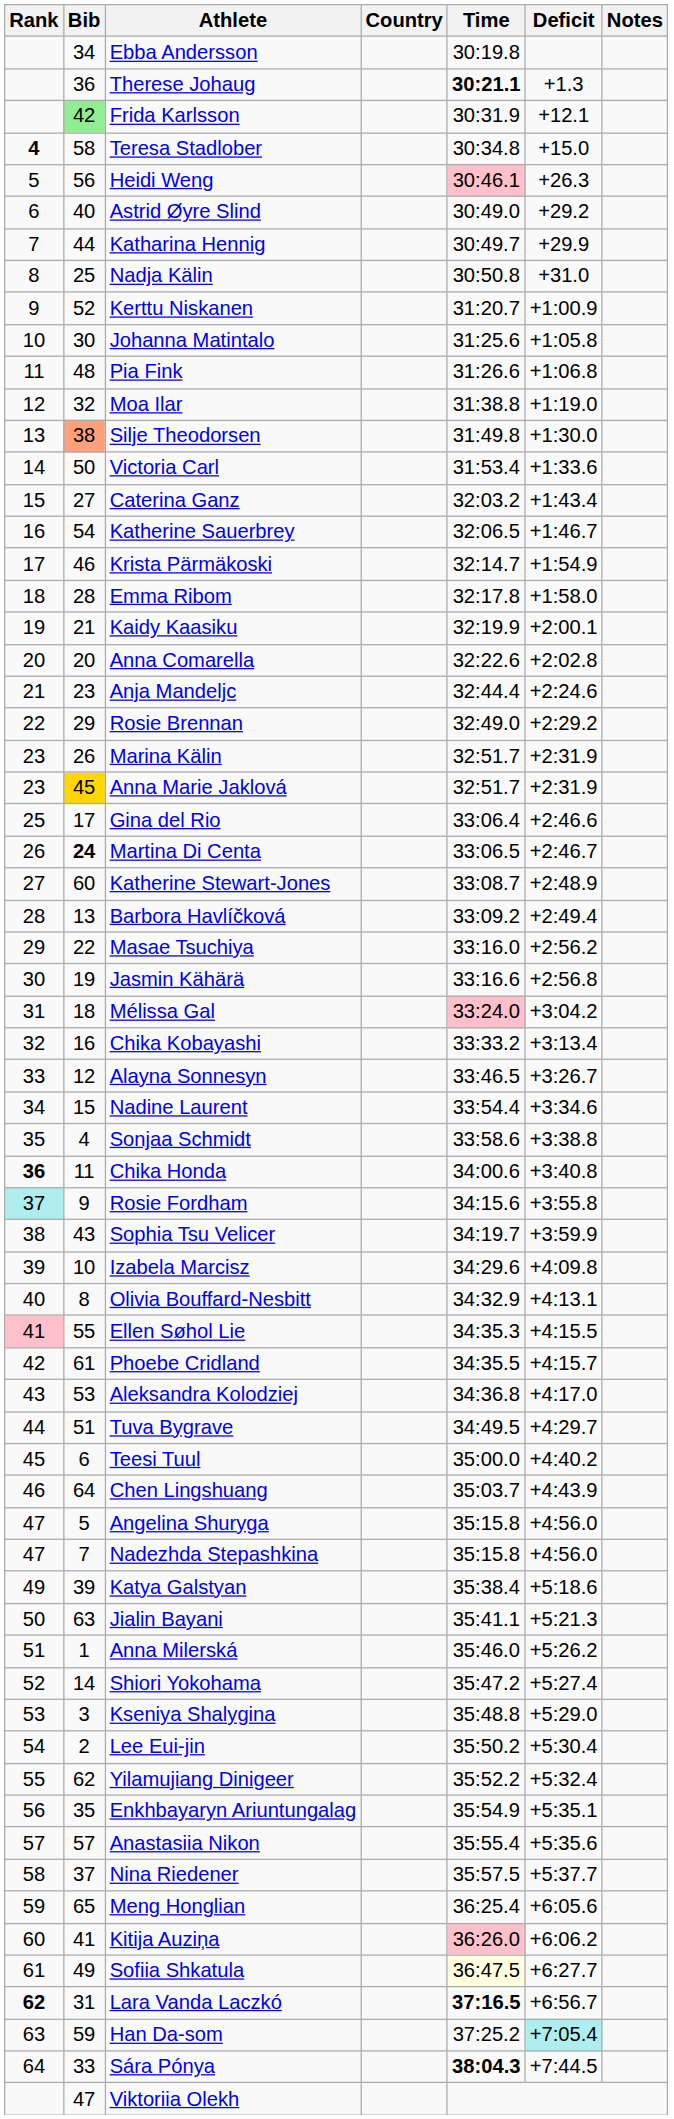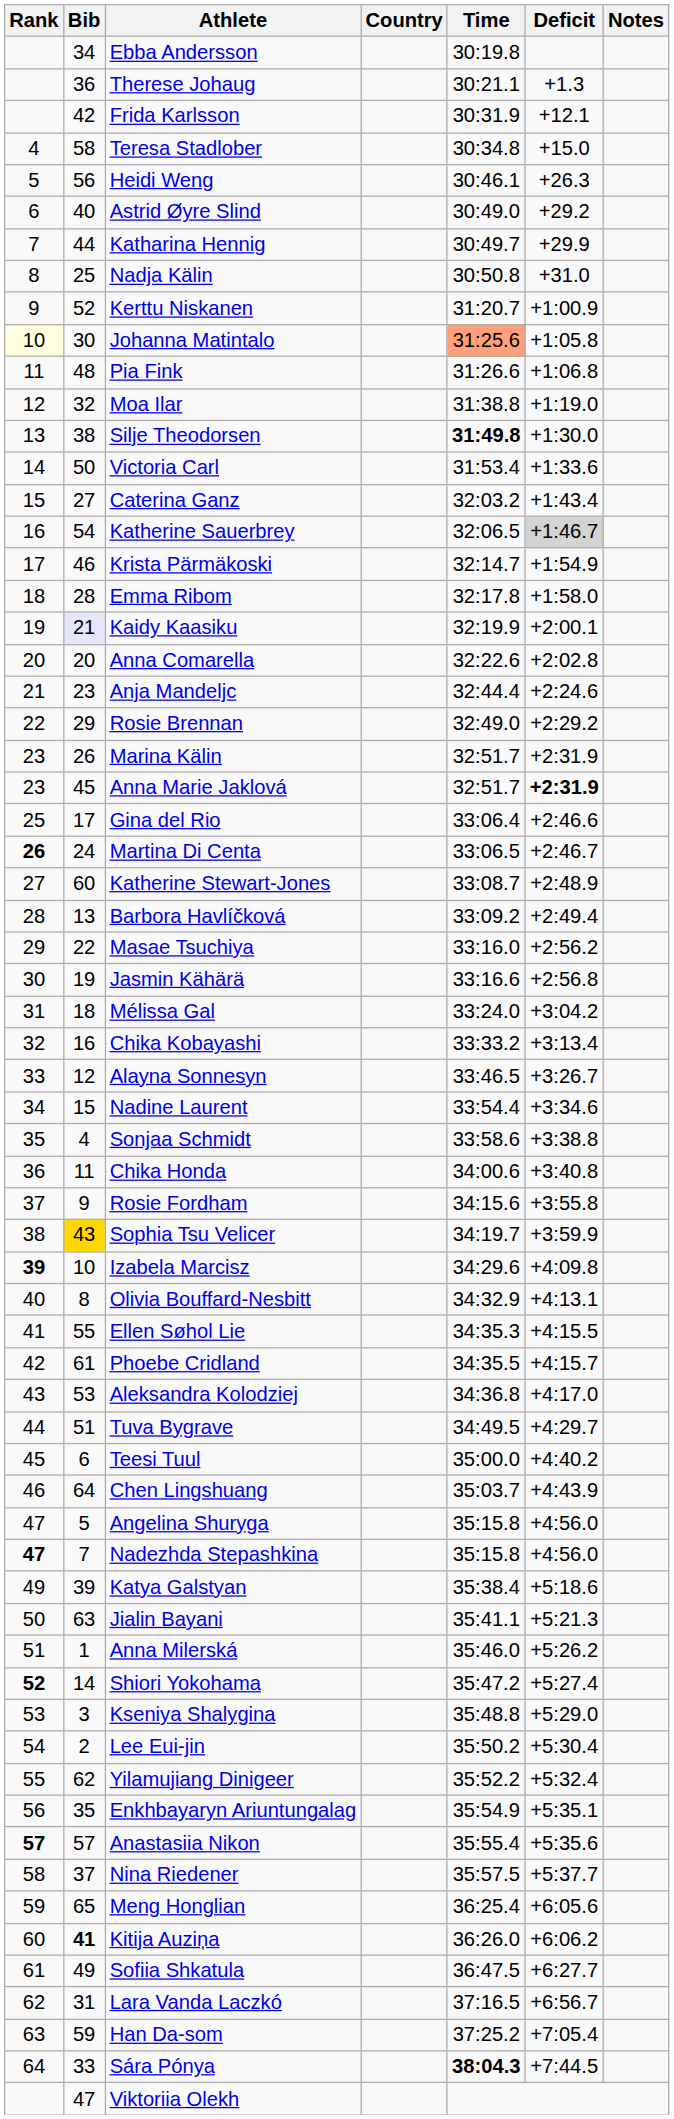 <table class="wikitable sortable" style="text-align:center">
 <tr>
 <th>Rank</th>
 <th>Bib</th>
 <th>Athlete</th>
 <th>Country</th>
 <th>Time</th>
 <th>Deficit</th>
 <th>Notes</th>
 </tr>
 <tr>
 <td></td>
 <td>34</td>
 <td align=left><a href='#'>Ebba Andersson</a></td>
 <td align=left></td>
 <td>30:19.8</td>
 <td></td>
 <td></td>
 </tr>
 <tr>
 <td></td>
 <td>36</td>
 <td align=left><a href='#'>Therese Johaug</a></td>
 <td align=left></td>
-<td><strong>30:21.1</strong></td>
+<td>30:21.1</td>
 <td>+1.3</td>
 <td></td>
 </tr>
 <tr>
 <td></td>
-<td style="background: lightgreen;">42</td>
+<td>42</td>
 <td align=left><a href='#'>Frida Karlsson</a></td>
 <td align=left></td>
 <td>30:31.9</td>
 <td>+12.1</td>
 <td></td>
 </tr>
 <tr>
-<td><strong>4</strong></td>
+<td>4</td>
 <td>58</td>
 <td align=left><a href='#'>Teresa Stadlober</a></td>
 <td align=left></td>
 <td>30:34.8</td>
 <td>+15.0</td>
 <td></td>
 </tr>
 <tr>
 <td>5</td>
 <td>56</td>
 <td align=left><a href='#'>Heidi Weng</a></td>
 <td align=left></td>
-<td style="background: pink;">30:46.1</td>
+<td>30:46.1</td>
 <td>+26.3</td>
 <td></td>
 </tr>
 <tr>
 <td>6</td>
 <td>40</td>
 <td align=left><a href='#'>Astrid Øyre Slind</a></td>
 <td align=left></td>
 <td>30:49.0</td>
 <td>+29.2</td>
 <td></td>
 </tr>
 <tr>
 <td>7</td>
 <td>44</td>
 <td align=left><a href='#'>Katharina Hennig</a></td>
 <td align=left></td>
 <td>30:49.7</td>
 <td>+29.9</td>
 <td></td>
 </tr>
 <tr>
 <td>8</td>
 <td>25</td>
 <td align=left><a href='#'>Nadja Kälin</a></td>
 <td align=left></td>
 <td>30:50.8</td>
 <td>+31.0</td>
 <td></td>
 </tr>
 <tr>
 <td>9</td>
 <td>52</td>
 <td align=left><a href='#'>Kerttu Niskanen</a></td>
 <td align=left></td>
 <td>31:20.7</td>
 <td>+1:00.9</td>
 <td></td>
 </tr>
 <tr>
-<td>10</td>
+<td style="background: lightyellow;">10</td>
 <td>30</td>
 <td align=left><a href='#'>Johanna Matintalo</a></td>
 <td align=left></td>
-<td>31:25.6</td>
+<td style="background: lightsalmon;">31:25.6</td>
 <td>+1:05.8</td>
 <td></td>
 </tr>
 <tr>
 <td>11</td>
 <td>48</td>
 <td align=left><a href='#'>Pia Fink</a></td>
 <td align=left></td>
 <td>31:26.6</td>
 <td>+1:06.8</td>
 <td></td>
 </tr>
 <tr>
 <td>12</td>
 <td>32</td>
 <td align=left><a href='#'>Moa Ilar</a></td>
 <td align=left></td>
 <td>31:38.8</td>
 <td>+1:19.0</td>
 <td></td>
 </tr>
 <tr>
 <td>13</td>
-<td style="background: lightsalmon;">38</td>
+<td>38</td>
 <td align=left><a href='#'>Silje Theodorsen</a></td>
 <td align=left></td>
-<td>31:49.8</td>
+<td><strong>31:49.8</strong></td>
 <td>+1:30.0</td>
 <td></td>
 </tr>
 <tr>
 <td>14</td>
 <td>50</td>
 <td align=left><a href='#'>Victoria Carl</a></td>
 <td align=left></td>
 <td>31:53.4</td>
 <td>+1:33.6</td>
 <td></td>
 </tr>
 <tr>
 <td>15</td>
 <td>27</td>
 <td align=left><a href='#'>Caterina Ganz</a></td>
 <td align=left></td>
 <td>32:03.2</td>
 <td>+1:43.4</td>
 <td></td>
 </tr>
 <tr>
 <td>16</td>
 <td>54</td>
 <td align=left><a href='#'>Katherine Sauerbrey</a></td>
 <td align=left></td>
 <td>32:06.5</td>
-<td>+1:46.7</td>
+<td style="background: lightgrey;">+1:46.7</td>
 <td></td>
 </tr>
 <tr>
 <td>17</td>
 <td>46</td>
 <td align=left><a href='#'>Krista Pärmäkoski</a></td>
 <td align=left></td>
 <td>32:14.7</td>
 <td>+1:54.9</td>
 <td></td>
 </tr>
 <tr>
 <td>18</td>
 <td>28</td>
 <td align=left><a href='#'>Emma Ribom</a></td>
 <td align=left></td>
 <td>32:17.8</td>
 <td>+1:58.0</td>
 <td></td>
 </tr>
 <tr>
 <td>19</td>
-<td>21</td>
+<td style="background: lavender;">21</td>
 <td align=left><a href='#'>Kaidy Kaasiku</a></td>
 <td align=left></td>
 <td>32:19.9</td>
 <td>+2:00.1</td>
 <td></td>
 </tr>
 <tr>
 <td>20</td>
 <td>20</td>
 <td align=left><a href='#'>Anna Comarella</a></td>
 <td align=left></td>
 <td>32:22.6</td>
 <td>+2:02.8</td>
 <td></td>
 </tr>
 <tr>
 <td>21</td>
 <td>23</td>
 <td align=left><a href='#'>Anja Mandeljc</a></td>
 <td align=left></td>
 <td>32:44.4</td>
 <td>+2:24.6</td>
 <td></td>
 </tr>
 <tr>
 <td>22</td>
 <td>29</td>
 <td align=left><a href='#'>Rosie Brennan</a></td>
 <td align=left></td>
 <td>32:49.0</td>
 <td>+2:29.2</td>
 <td></td>
 </tr>
 <tr>
 <td>23</td>
 <td>26</td>
 <td align=left><a href='#'>Marina Kälin</a></td>
 <td align=left></td>
 <td>32:51.7</td>
 <td>+2:31.9</td>
 <td></td>
 </tr>
 <tr>
 <td>23</td>
-<td style="background: gold;">45</td>
+<td>45</td>
 <td align=left><a href='#'>Anna Marie Jaklová</a></td>
 <td align=left></td>
 <td>32:51.7</td>
-<td>+2:31.9</td>
+<td><strong>+2:31.9</strong></td>
 <td></td>
 </tr>
 <tr>
 <td>25</td>
 <td>17</td>
 <td align=left><a href='#'>Gina del Rio</a></td>
 <td align=left></td>
 <td>33:06.4</td>
 <td>+2:46.6</td>
 <td></td>
 </tr>
 <tr>
-<td>26</td>
-<td><strong>24</strong></td>
+<td><strong>26</strong></td>
+<td>24</td>
 <td align=left><a href='#'>Martina Di Centa</a></td>
 <td align=left></td>
 <td>33:06.5</td>
 <td>+2:46.7</td>
 <td></td>
 </tr>
 <tr>
 <td>27</td>
 <td>60</td>
 <td align=left><a href='#'>Katherine Stewart-Jones</a></td>
 <td align=left></td>
 <td>33:08.7</td>
 <td>+2:48.9</td>
 <td></td>
 </tr>
 <tr>
 <td>28</td>
 <td>13</td>
 <td align=left><a href='#'>Barbora Havlíčková</a></td>
 <td align=left></td>
 <td>33:09.2</td>
 <td>+2:49.4</td>
 <td></td>
 </tr>
 <tr>
 <td>29</td>
 <td>22</td>
 <td align=left><a href='#'>Masae Tsuchiya</a></td>
 <td align=left></td>
 <td>33:16.0</td>
 <td>+2:56.2</td>
 <td></td>
 </tr>
 <tr>
 <td>30</td>
 <td>19</td>
 <td align=left><a href='#'>Jasmin Kähärä</a></td>
 <td align=left></td>
 <td>33:16.6</td>
 <td>+2:56.8</td>
 <td></td>
 </tr>
 <tr>
 <td>31</td>
 <td>18</td>
 <td align=left><a href='#'>Mélissa Gal</a></td>
 <td align=left></td>
-<td style="background: pink;">33:24.0</td>
+<td>33:24.0</td>
 <td>+3:04.2</td>
 <td></td>
 </tr>
 <tr>
 <td>32</td>
 <td>16</td>
 <td align=left><a href='#'>Chika Kobayashi</a></td>
 <td align=left></td>
 <td>33:33.2</td>
 <td>+3:13.4</td>
 <td></td>
 </tr>
 <tr>
 <td>33</td>
 <td>12</td>
 <td align=left><a href='#'>Alayna Sonnesyn</a></td>
 <td align=left></td>
 <td>33:46.5</td>
 <td>+3:26.7</td>
 <td></td>
 </tr>
 <tr>
 <td>34</td>
 <td>15</td>
 <td align=left><a href='#'>Nadine Laurent</a></td>
 <td align=left></td>
 <td>33:54.4</td>
 <td>+3:34.6</td>
 <td></td>
 </tr>
 <tr>
 <td>35</td>
 <td>4</td>
 <td align=left><a href='#'>Sonjaa Schmidt</a></td>
 <td align=left></td>
 <td>33:58.6</td>
 <td>+3:38.8</td>
 <td></td>
 </tr>
 <tr>
-<td><strong>36</strong></td>
+<td>36</td>
 <td>11</td>
 <td align=left><a href='#'>Chika Honda</a></td>
 <td align=left></td>
 <td>34:00.6</td>
 <td>+3:40.8</td>
 <td></td>
 </tr>
 <tr>
-<td style="background: paleturquoise;">37</td>
+<td>37</td>
 <td>9</td>
 <td align=left><a href='#'>Rosie Fordham</a></td>
 <td align=left></td>
 <td>34:15.6</td>
 <td>+3:55.8</td>
 <td></td>
 </tr>
 <tr>
 <td>38</td>
-<td>43</td>
+<td style="background: gold;">43</td>
 <td align=left><a href='#'>Sophia Tsu Velicer</a></td>
 <td align=left></td>
 <td>34:19.7</td>
 <td>+3:59.9</td>
 <td></td>
 </tr>
 <tr>
-<td>39</td>
+<td><strong>39</strong></td>
 <td>10</td>
 <td align=left><a href='#'>Izabela Marcisz</a></td>
 <td align=left></td>
 <td>34:29.6</td>
 <td>+4:09.8</td>
 <td></td>
 </tr>
 <tr>
 <td>40</td>
 <td>8</td>
 <td align=left><a href='#'>Olivia Bouffard-Nesbitt</a></td>
 <td align=left></td>
 <td>34:32.9</td>
 <td>+4:13.1</td>
 <td></td>
 </tr>
 <tr>
-<td style="background: pink;">41</td>
+<td>41</td>
 <td>55</td>
 <td align=left><a href='#'>Ellen Søhol Lie</a></td>
 <td align=left></td>
 <td>34:35.3</td>
 <td>+4:15.5</td>
 <td></td>
 </tr>
 <tr>
 <td>42</td>
 <td>61</td>
 <td align=left><a href='#'>Phoebe Cridland</a></td>
 <td align=left></td>
 <td>34:35.5</td>
 <td>+4:15.7</td>
 <td></td>
 </tr>
 <tr>
 <td>43</td>
 <td>53</td>
 <td align=left><a href='#'>Aleksandra Kolodziej</a></td>
 <td align=left></td>
 <td>34:36.8</td>
 <td>+4:17.0</td>
 <td></td>
 </tr>
 <tr>
 <td>44</td>
 <td>51</td>
 <td align=left><a href='#'>Tuva Bygrave</a></td>
 <td align=left></td>
 <td>34:49.5</td>
 <td>+4:29.7</td>
 <td></td>
 </tr>
 <tr>
 <td>45</td>
 <td>6</td>
 <td align=left><a href='#'>Teesi Tuul</a></td>
 <td align=left></td>
 <td>35:00.0</td>
 <td>+4:40.2</td>
 <td></td>
 </tr>
 <tr>
 <td>46</td>
 <td>64</td>
 <td align=left><a href='#'>Chen Lingshuang</a></td>
 <td align=left></td>
 <td>35:03.7</td>
 <td>+4:43.9</td>
 <td></td>
 </tr>
 <tr>
 <td>47</td>
 <td>5</td>
 <td align=left><a href='#'>Angelina Shuryga</a></td>
 <td align=left></td>
 <td>35:15.8</td>
 <td>+4:56.0</td>
 <td></td>
 </tr>
 <tr>
-<td>47</td>
+<td><strong>47</strong></td>
 <td>7</td>
 <td align=left><a href='#'>Nadezhda Stepashkina</a></td>
 <td align=left></td>
 <td>35:15.8</td>
 <td>+4:56.0</td>
 <td></td>
 </tr>
 <tr>
 <td>49</td>
 <td>39</td>
 <td align=left><a href='#'>Katya Galstyan</a></td>
 <td align=left></td>
 <td>35:38.4</td>
 <td>+5:18.6</td>
 <td></td>
 </tr>
 <tr>
 <td>50</td>
 <td>63</td>
 <td align=left><a href='#'>Jialin Bayani</a></td>
 <td align=left></td>
 <td>35:41.1</td>
 <td>+5:21.3</td>
 <td></td>
 </tr>
 <tr>
 <td>51</td>
 <td>1</td>
 <td align=left><a href='#'>Anna Milerská</a></td>
 <td align=left></td>
 <td>35:46.0</td>
 <td>+5:26.2</td>
 <td></td>
 </tr>
 <tr>
-<td>52</td>
+<td><strong>52</strong></td>
 <td>14</td>
 <td align=left><a href='#'>Shiori Yokohama</a></td>
 <td align=left></td>
 <td>35:47.2</td>
 <td>+5:27.4</td>
 <td></td>
 </tr>
 <tr>
 <td>53</td>
 <td>3</td>
 <td align=left><a href='#'>Kseniya Shalygina</a></td>
 <td align=left></td>
 <td>35:48.8</td>
 <td>+5:29.0</td>
 <td></td>
 </tr>
 <tr>
 <td>54</td>
 <td>2</td>
 <td align=left><a href='#'>Lee Eui-jin</a></td>
 <td align=left></td>
 <td>35:50.2</td>
 <td>+5:30.4</td>
 <td></td>
 </tr>
 <tr>
 <td>55</td>
 <td>62</td>
 <td align=left><a href='#'>Yilamujiang Dinigeer</a></td>
 <td align=left></td>
 <td>35:52.2</td>
 <td>+5:32.4</td>
 <td></td>
 </tr>
 <tr>
 <td>56</td>
 <td>35</td>
 <td align=left><a href='#'>Enkhbayaryn Ariuntungalag</a></td>
 <td align=left></td>
 <td>35:54.9</td>
 <td>+5:35.1</td>
 <td></td>
 </tr>
 <tr>
-<td>57</td>
+<td><strong>57</strong></td>
 <td>57</td>
 <td align=left><a href='#'>Anastasiia Nikon</a></td>
 <td align=left></td>
 <td>35:55.4</td>
 <td>+5:35.6</td>
 <td></td>
 </tr>
 <tr>
 <td>58</td>
 <td>37</td>
 <td align=left><a href='#'>Nina Riedener</a></td>
 <td align=left></td>
 <td>35:57.5</td>
 <td>+5:37.7</td>
 <td></td>
 </tr>
 <tr>
 <td>59</td>
 <td>65</td>
 <td align=left><a href='#'>Meng Honglian</a></td>
 <td align=left></td>
 <td>36:25.4</td>
 <td>+6:05.6</td>
 <td></td>
 </tr>
 <tr>
 <td>60</td>
-<td>41</td>
+<td><strong>41</strong></td>
 <td align=left><a href='#'>Kitija Auziņa</a></td>
 <td align=left></td>
-<td style="background: pink;">36:26.0</td>
+<td>36:26.0</td>
 <td>+6:06.2</td>
 <td></td>
 </tr>
 <tr>
 <td>61</td>
 <td>49</td>
 <td align=left><a href='#'>Sofiia Shkatula</a></td>
 <td align=left></td>
-<td style="background: lightyellow;">36:47.5</td>
+<td>36:47.5</td>
 <td>+6:27.7</td>
 <td></td>
 </tr>
 <tr>
-<td><strong>62</strong></td>
+<td>62</td>
 <td>31</td>
 <td align=left><a href='#'>Lara Vanda Laczkó</a></td>
 <td align=left></td>
-<td><strong>37:16.5</strong></td>
+<td>37:16.5</td>
 <td>+6:56.7</td>
 <td></td>
 </tr>
 <tr>
 <td>63</td>
 <td>59</td>
 <td align=left><a href='#'>Han Da-som</a></td>
 <td align=left></td>
 <td>37:25.2</td>
-<td style="background: paleturquoise;">+7:05.4</td>
+<td>+7:05.4</td>
 <td></td>
 </tr>
 <tr>
 <td>64</td>
 <td>33</td>
 <td align=left><a href='#'>Sára Pónya</a></td>
 <td align=left></td>
 <td><strong>38:04.3</strong></td>
 <td>+7:44.5</td>
 <td></td>
 </tr>
 <tr>
 <td></td>
 <td>47</td>
 <td align=left><a href='#'>Viktoriia Olekh</a></td>
 <td align=left></td>
 <td colspan=3></td>
 </tr>
 </table>
